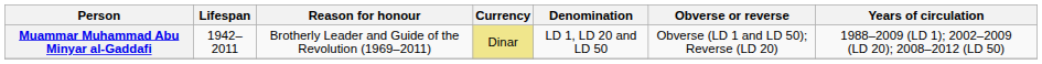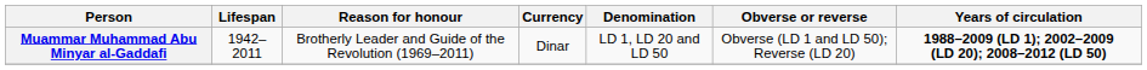 <table class="wikitable" style="font-size:95%; text-align:center;">
 <tr>
 <th>Person</th>
 <th>Lifespan</th>
 <th>Reason for honour</th>
 <th>Currency</th>
 <th>Denomination</th>
 <th>Obverse or reverse</th>
 <th>Years of circulation</th>
 </tr>
 <tr>
 <th><a href='#'>Muammar Muhammad Abu Minyar al-Gaddafi</a></th>
 <td>1942–2011</td>
 <td>Brotherly Leader and Guide of the Revolution (1969–2011)</td>
-<td style="background: khaki;">Dinar</td>
+<td>Dinar</td>
 <td>LD 1, LD 20 and LD 50</td>
 <td>Obverse (LD 1 and LD 50); Reverse (LD 20)</td>
-<td>1988–2009 (LD 1); 2002–2009 (LD 20); 2008–2012 (LD 50)</td>
+<td><strong>1988–2009 (LD 1); 2002–2009 (LD 20); 2008–2012 (LD 50)</strong></td>
 </tr>
 <tr>
 </tr>
 </table>
